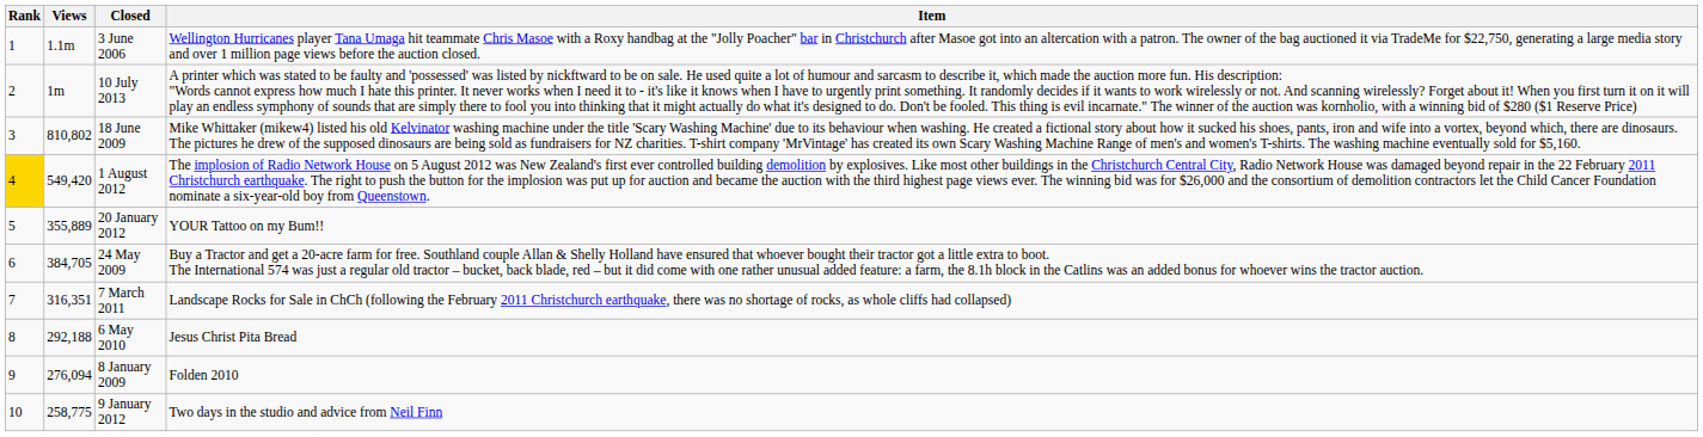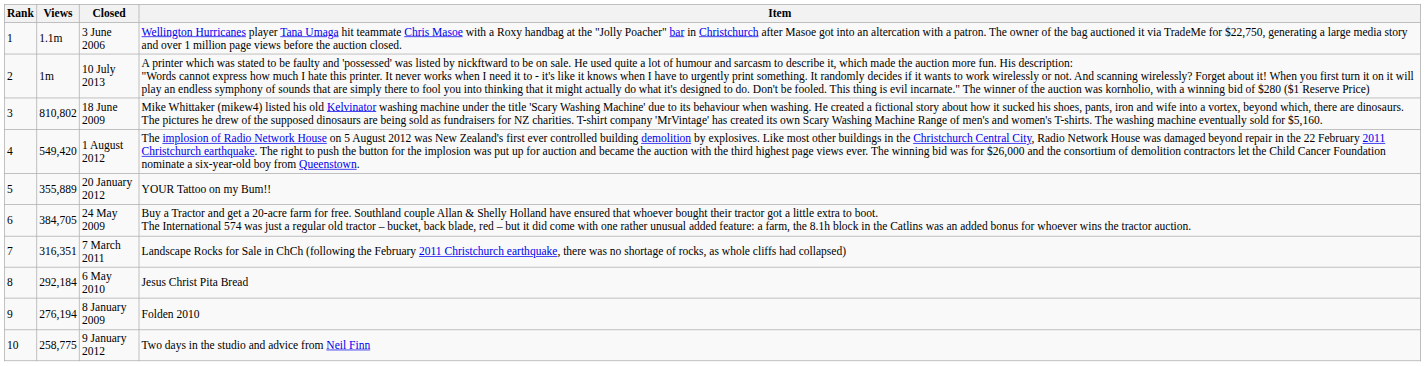 <table class="wikitable">
 <tr>
 <th>Rank</th>
 <th>Views</th>
 <th>Closed</th>
 <th>Item</th>
 </tr>
 <tr>
 <td>1</td>
 <td>1.1m</td>
 <td>3 June 2006</td>
 <td><a href='#'>Wellington Hurricanes</a> player <a href='#'>Tana Umaga</a> hit teammate <a href='#'>Chris Masoe</a> with a Roxy handbag at the "Jolly Poacher" <a href='#'>bar</a> in <a href='#'>Christchurch</a> after Masoe got into an altercation with a patron. The owner of the bag auctioned it via TradeMe for $22,750, generating a large media story and over 1 million page views before the auction closed.</td>
 </tr>
 <tr>
 <td>2</td>
 <td>1m</td>
 <td>10 July 2013</td>
 <td>A printer which was stated to be faulty and 'possessed' was listed by nickftward to be on sale. He used quite a lot of humour and sarcasm to describe it, which made the auction more fun. His description:<br>"Words cannot express how much I hate this printer. It never works when I need it to - it's like it knows when I have to urgently print something. It randomly decides if it wants to work wirelessly or not. And scanning wirelessly? Forget about it! When you first turn it on it will play an endless symphony of sounds that are simply there to fool you into thinking that it might actually do what it's designed to do. Don't be fooled. This thing is evil incarnate." The winner of the auction was kornholio, with a winning bid of $280 ($1 Reserve Price)</td>
 </tr>
 <tr>
 <td>3</td>
 <td>810,802</td>
 <td>18 June 2009</td>
 <td>Mike Whittaker (mikew4) listed his old <a href='#'>Kelvinator</a> washing machine under the title 'Scary Washing Machine' due to its behaviour when washing. He created a fictional story about how it sucked his shoes, pants, iron and wife into a vortex, beyond which, there are dinosaurs. The pictures he drew of the supposed dinosaurs are being sold as fundraisers for NZ charities. T-shirt company 'MrVintage' has created its own Scary Washing Machine Range of men's and women's T-shirts. The washing machine eventually sold for $5,160.</td>
 </tr>
 <tr>
-<td style="background: gold;">4</td>
+<td>4</td>
 <td>549,420</td>
 <td>1 August 2012</td>
 <td>The <a href='#'>implosion of Radio Network House</a> on 5 August 2012 was New Zealand's first ever controlled building <a href='#'>demolition</a> by explosives. Like most other buildings in the <a href='#'>Christchurch Central City</a>, Radio Network House was damaged beyond repair in the 22 February <a href='#'>2011 Christchurch earthquake</a>. The right to push the button for the implosion was put up for auction and became the auction with the third highest page views ever. The winning bid was for $26,000 and the consortium of demolition contractors let the Child Cancer Foundation nominate a six-year-old boy from <a href='#'>Queenstown</a>.</td>
 </tr>
 <tr>
 <td>5</td>
 <td>355,889</td>
 <td>20 January 2012</td>
 <td>YOUR Tattoo on my Bum!!</td>
 </tr>
 <tr>
 <td>6</td>
 <td>384,705</td>
 <td>24 May 2009</td>
 <td>Buy a Tractor and get a 20-acre farm for free. Southland couple Allan & Shelly Holland have ensured that whoever bought their tractor got a little extra to boot.<br>The International 574 was just a regular old tractor – bucket, back blade, red – but it did come with one rather unusual added feature: a farm,  the 8.1h block in the Catlins was an added bonus for whoever wins the tractor auction.</td>
 </tr>
 <tr>
 <td>7</td>
 <td>316,351</td>
 <td>7 March 2011</td>
 <td>Landscape Rocks for Sale in ChCh (following the February <a href='#'>2011 Christchurch earthquake</a>, there was no shortage of rocks, as whole cliffs had collapsed)</td>
 </tr>
 <tr>
 <td>8</td>
-<td>292,188</td>
+<td>292,184</td>
 <td>6 May 2010</td>
 <td>Jesus Christ Pita Bread</td>
 </tr>
 <tr>
 <td>9</td>
-<td>276,094</td>
+<td>276,194</td>
 <td>8 January 2009</td>
 <td>Folden 2010</td>
 </tr>
 <tr>
 <td>10</td>
 <td>258,775</td>
 <td>9 January 2012</td>
 <td>Two days in the studio and advice from <a href='#'>Neil Finn</a></td>
 </tr>
 </table>
